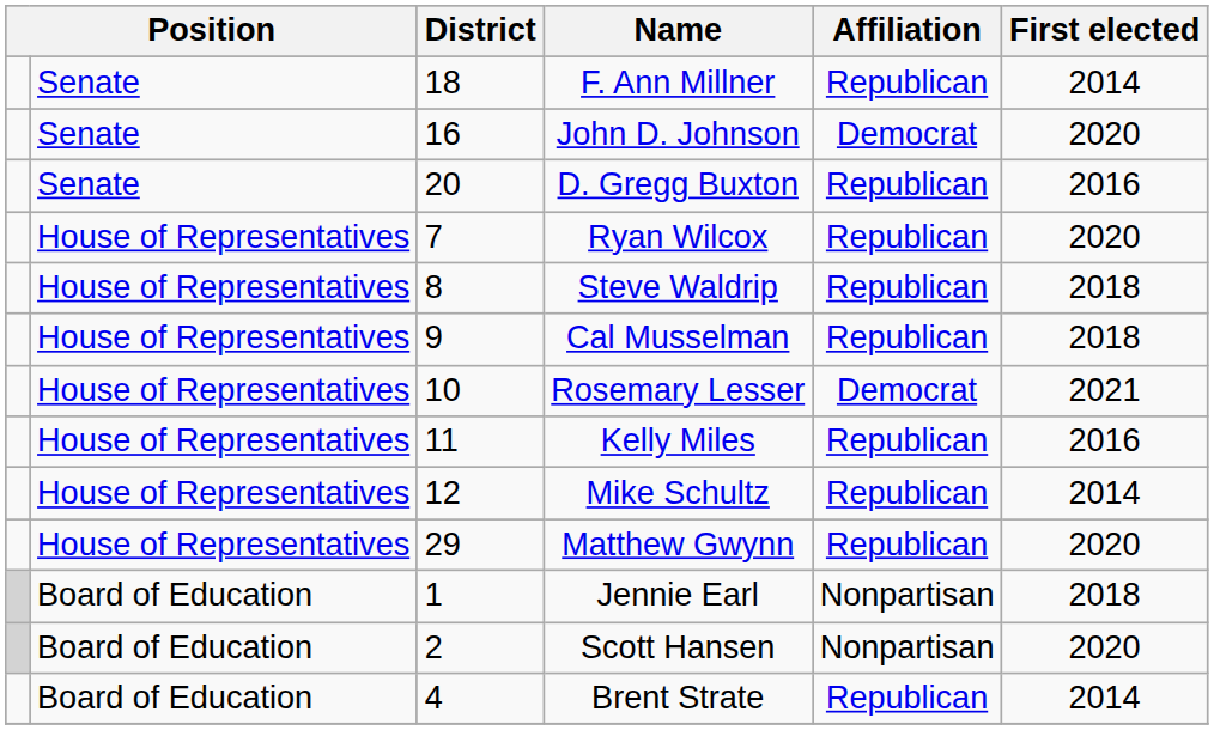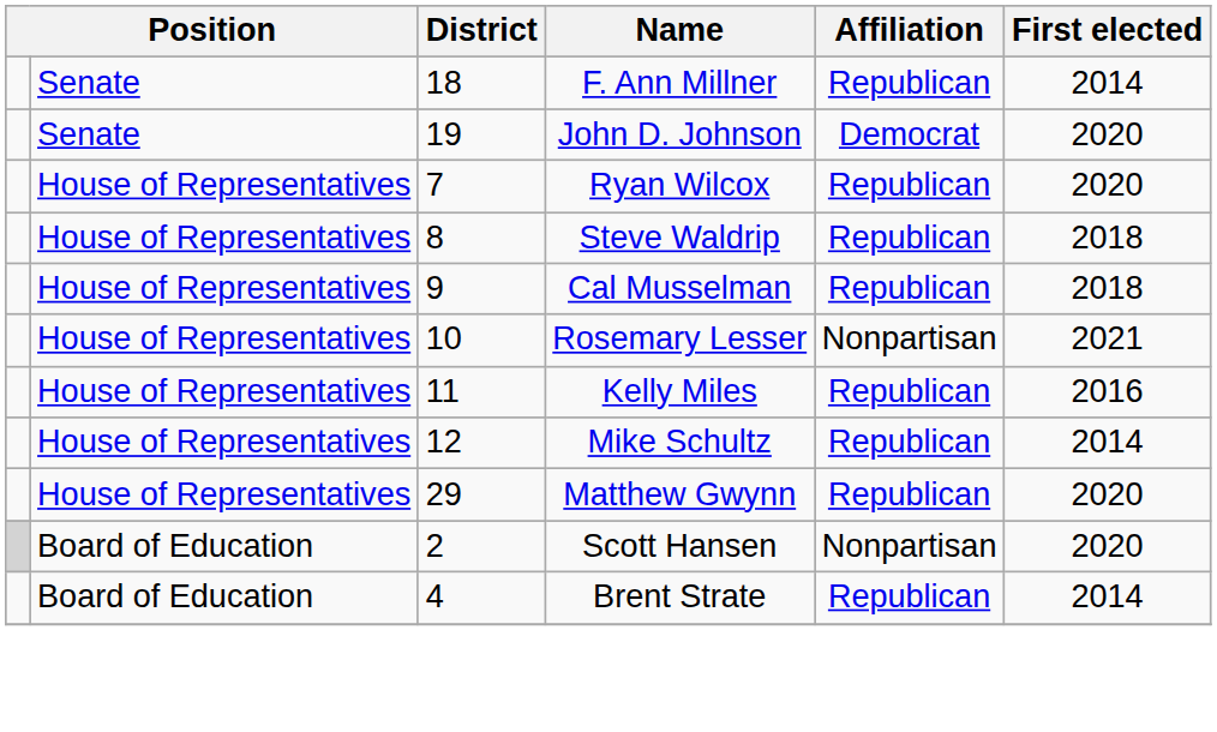 <table class="wikitable">
 <tr>
 <th colspan="2" style="text-align:center; vertical-align:bottom;">Position</th>
 <th>District</th>
 <th style="text-align:center;">Name</th>
 <th valign="bottom">Affiliation</th>
 <th style="vertical-align:bottom; text-align:center;">First elected</th>
 </tr>
 <tr>
 <td style="background-color:"> </td>
 <td><a href='#'>Senate</a></td>
 <td>18</td>
 <td style="text-align:center;"><a href='#'>F. Ann Millner</a></td>
 <td style="text-align:center;"><a href='#'>Republican</a></td>
 <td style="text-align:center;">2014</td>
 </tr>
 <tr>
 <td style="background-color:"> </td>
 <td><a href='#'>Senate</a></td>
-<td>16</td>
+<td>19</td>
 <td style="text-align:center;"><a href='#'>John D. Johnson</a></td>
 <td style="text-align:center;"><a href='#'>Democrat</a></td>
 <td style="text-align:center;">2020</td>
-</tr>
-<tr>
-<td style="background-color:"> </td>
-<td><a href='#'>Senate</a></td>
-<td>20</td>
-<td style="text-align:center;"><a href='#'>D. Gregg Buxton</a></td>
-<td style="text-align:center;"><a href='#'>Republican</a></td>
-<td style="text-align:center;">2016</td>
 </tr>
 <tr>
 <td style="background-color:"> </td>
 <td><a href='#'>House of Representatives</a></td>
 <td>7</td>
 <td style="text-align:center;"><a href='#'>Ryan Wilcox</a></td>
 <td style="text-align:center;"><a href='#'>Republican</a></td>
 <td style="text-align:center;">2020</td>
 </tr>
 <tr>
 <td style="background-color:"> </td>
 <td><a href='#'>House of Representatives</a></td>
 <td>8</td>
 <td style="text-align:center;"><a href='#'>Steve Waldrip</a></td>
 <td style="text-align:center;"><a href='#'>Republican</a></td>
 <td style="text-align:center;">2018</td>
 </tr>
 <tr>
 <td style="background-color:"> </td>
 <td><a href='#'>House of Representatives</a></td>
 <td>9</td>
 <td style="text-align:center;"><a href='#'>Cal Musselman</a></td>
 <td style="text-align:center;"><a href='#'>Republican</a></td>
 <td style="text-align:center;">2018</td>
 </tr>
 <tr>
 <td style="background-color:"> </td>
 <td><a href='#'>House of Representatives</a></td>
 <td>10</td>
 <td style="text-align:center;"><a href='#'>Rosemary Lesser</a></td>
-<td style="text-align:center;"><a href='#'>Democrat</a></td>
+<td style="text-align:center;">Nonpartisan</td>
 <td style="text-align:center;">2021</td>
 </tr>
 <tr>
 <td style="background-color:"> </td>
 <td><a href='#'>House of Representatives</a></td>
 <td>11</td>
 <td style="text-align:center;"><a href='#'>Kelly Miles</a></td>
 <td style="text-align:center;"><a href='#'>Republican</a></td>
 <td style="text-align:center;">2016</td>
 </tr>
 <tr>
 <td style="background-color:"> </td>
 <td><a href='#'>House of Representatives</a></td>
 <td>12</td>
 <td style="text-align:center;"><a href='#'>Mike Schultz</a></td>
 <td style="text-align:center;"><a href='#'>Republican</a></td>
 <td style="text-align:center;">2014</td>
 </tr>
 <tr>
 <td style="background-color:"> </td>
 <td><a href='#'>House of Representatives</a></td>
 <td>29</td>
 <td style="text-align:center;"><a href='#'>Matthew Gwynn</a></td>
 <td style="text-align:center;"><a href='#'>Republican</a></td>
 <td style="text-align:center;">2020</td>
 </tr>
 <tr>
 <td style="background-color:lightgrey"> </td>
 <td>Board of Education</td>
-<td>1</td>
-<td style="text-align:center;">Jennie Earl</td>
-<td style="text-align:center;">Nonpartisan</td>
-<td style="text-align:center;">2018</td>
-</tr>
-<tr>
-<td style="background-color:lightgrey"> </td>
-<td>Board of Education</td>
 <td>2</td>
 <td style="text-align:center;">Scott Hansen</td>
 <td style="text-align:center;">Nonpartisan</td>
 <td style="text-align:center;">2020</td>
 </tr>
 <tr>
 <td style="background-color:"> </td>
 <td>Board of Education</td>
 <td>4</td>
 <td style="text-align:center;">Brent Strate</td>
 <td style="text-align:center;"><a href='#'>Republican</a></td>
 <td style="text-align:center;">2014</td>
 </tr>
 <tr>
 </tr>
 </table>
